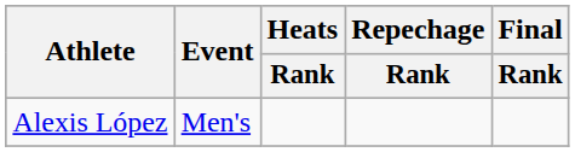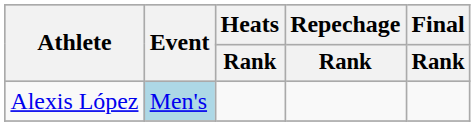 <table class=wikitable style="font-size:90%;">
 <tr>
 <th rowspan=2>Athlete</th>
 <th rowspan=2>Event</th>
 <th>Heats</th>
 <th>Repechage</th>
 <th>Final</th>
 </tr>
 <tr style="font-size:95%">
 <th>Rank</th>
 <th>Rank</th>
 <th>Rank</th>
 </tr>
 <tr align=center>
 <td align=left><a href='#'>Alexis López</a></td>
-<td align=left><a href='#'>Men's</a></td>
+<td align=left style="background: lightblue;"><a href='#'>Men's</a></td>
 <td></td>
 <td></td>
 <td></td>
 </tr>
 </table>
